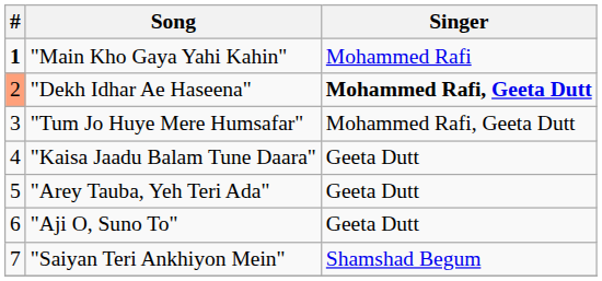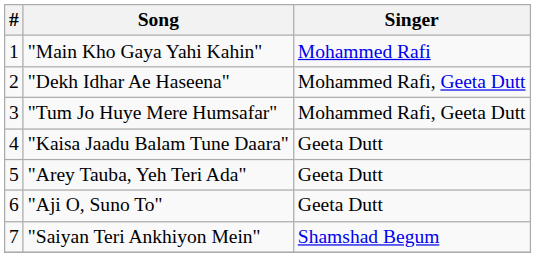 <table class="wikitable">
 <tr>
 <th>#</th>
 <th>Song</th>
 <th>Singer</th>
 </tr>
 <tr>
-<td><strong>1</strong></td>
+<td>1</td>
 <td>"Main Kho Gaya Yahi Kahin"</td>
 <td><a href='#'>Mohammed Rafi</a></td>
 </tr>
 <tr>
-<td style="background: lightsalmon;">2</td>
+<td>2</td>
 <td>"Dekh Idhar Ae Haseena"</td>
-<td><strong>Mohammed Rafi, <a href='#'>Geeta Dutt</a></strong></td>
+<td>Mohammed Rafi, <a href='#'>Geeta Dutt</a></td>
 </tr>
 <tr>
 <td>3</td>
 <td>"Tum Jo Huye Mere Humsafar"</td>
 <td>Mohammed Rafi, Geeta Dutt</td>
 </tr>
 <tr>
 <td>4</td>
 <td>"Kaisa Jaadu Balam Tune Daara"</td>
 <td>Geeta Dutt</td>
 </tr>
 <tr>
 <td>5</td>
 <td>"Arey Tauba, Yeh Teri Ada"</td>
 <td>Geeta Dutt</td>
 </tr>
 <tr>
 <td>6</td>
 <td>"Aji O, Suno To"</td>
 <td>Geeta Dutt</td>
 </tr>
 <tr>
 <td>7</td>
 <td>"Saiyan Teri Ankhiyon Mein"</td>
 <td><a href='#'>Shamshad Begum</a></td>
 </tr>
 <tr>
 </tr>
 </table>
